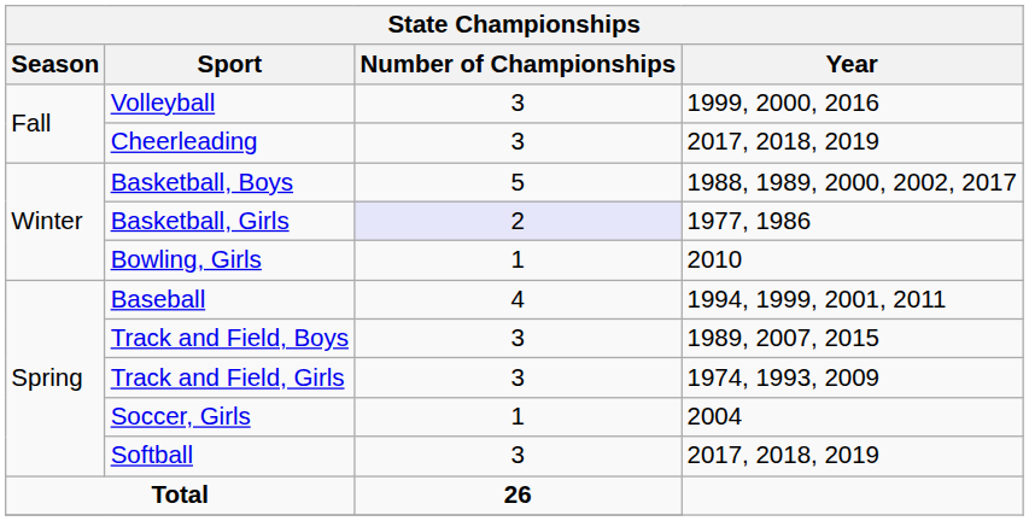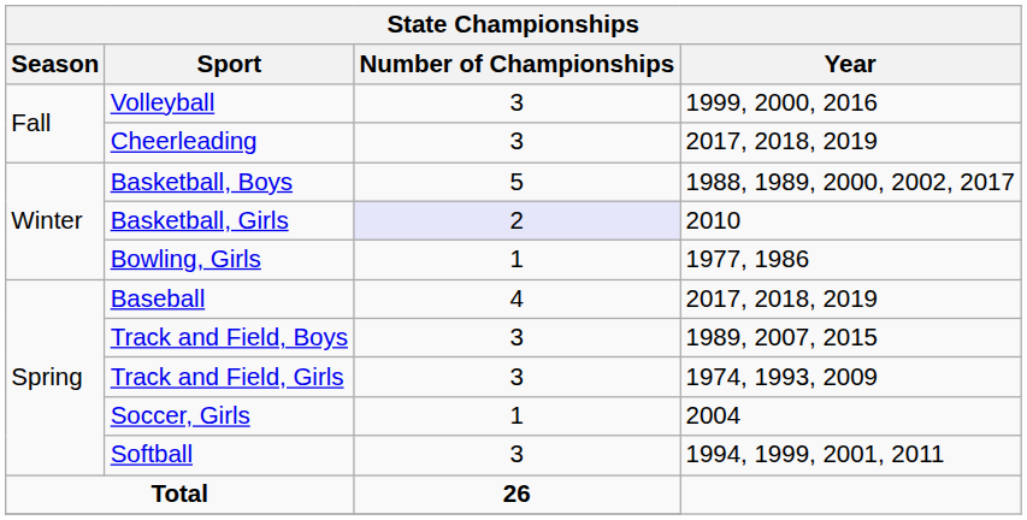 <table class="wikitable">
 <tr>
 <th colspan="4">State Championships</th>
 </tr>
 <tr>
 <th>Season</th>
 <th>Sport</th>
 <th>Number of Championships</th>
 <th>Year</th>
 </tr>
 <tr>
 <td rowspan="2">Fall</td>
 <td><a href='#'>Volleyball</a></td>
 <td align="center">3</td>
 <td>1999, 2000, 2016</td>
 </tr>
 <tr>
 <td><a href='#'>Cheerleading</a></td>
 <td align="center">3</td>
 <td>2017, 2018, 2019</td>
 </tr>
 <tr>
 <td rowspan="3">Winter</td>
 <td><a href='#'>Basketball, Boys</a></td>
 <td align="center">5</td>
 <td>1988, 1989, 2000, 2002, 2017</td>
 </tr>
 <tr>
 <td><a href='#'>Basketball, Girls</a></td>
 <td align="center" style="background: lavender;">2</td>
-<td>1977, 1986</td>
+<td>2010</td>
 </tr>
 <tr>
 <td><a href='#'>Bowling, Girls</a></td>
 <td align="center">1</td>
-<td>2010</td>
+<td>1977, 1986</td>
 </tr>
 <tr>
 <td rowspan="5">Spring</td>
 <td><a href='#'>Baseball</a></td>
 <td align="center">4</td>
-<td>1994, 1999, 2001, 2011</td>
+<td>2017, 2018, 2019</td>
 </tr>
 <tr>
 <td><a href='#'>Track and Field, Boys</a></td>
 <td align="center">3</td>
 <td>1989, 2007, 2015</td>
 </tr>
 <tr>
 <td><a href='#'>Track and Field, Girls</a></td>
 <td align="center">3</td>
 <td>1974, 1993, 2009</td>
 </tr>
 <tr>
 <td><a href='#'>Soccer, Girls</a></td>
 <td align="center">1</td>
 <td>2004</td>
 </tr>
 <tr>
 <td><a href='#'>Softball</a></td>
 <td align="center">3</td>
-<td>2017, 2018, 2019</td>
+<td>1994, 1999, 2001, 2011</td>
 </tr>
 <tr>
 <td align="center" colspan="2"><strong>Total</strong></td>
 <td align="center"><strong>26</strong></td>
 </tr>
 <tr>
 </tr>
 </table>
